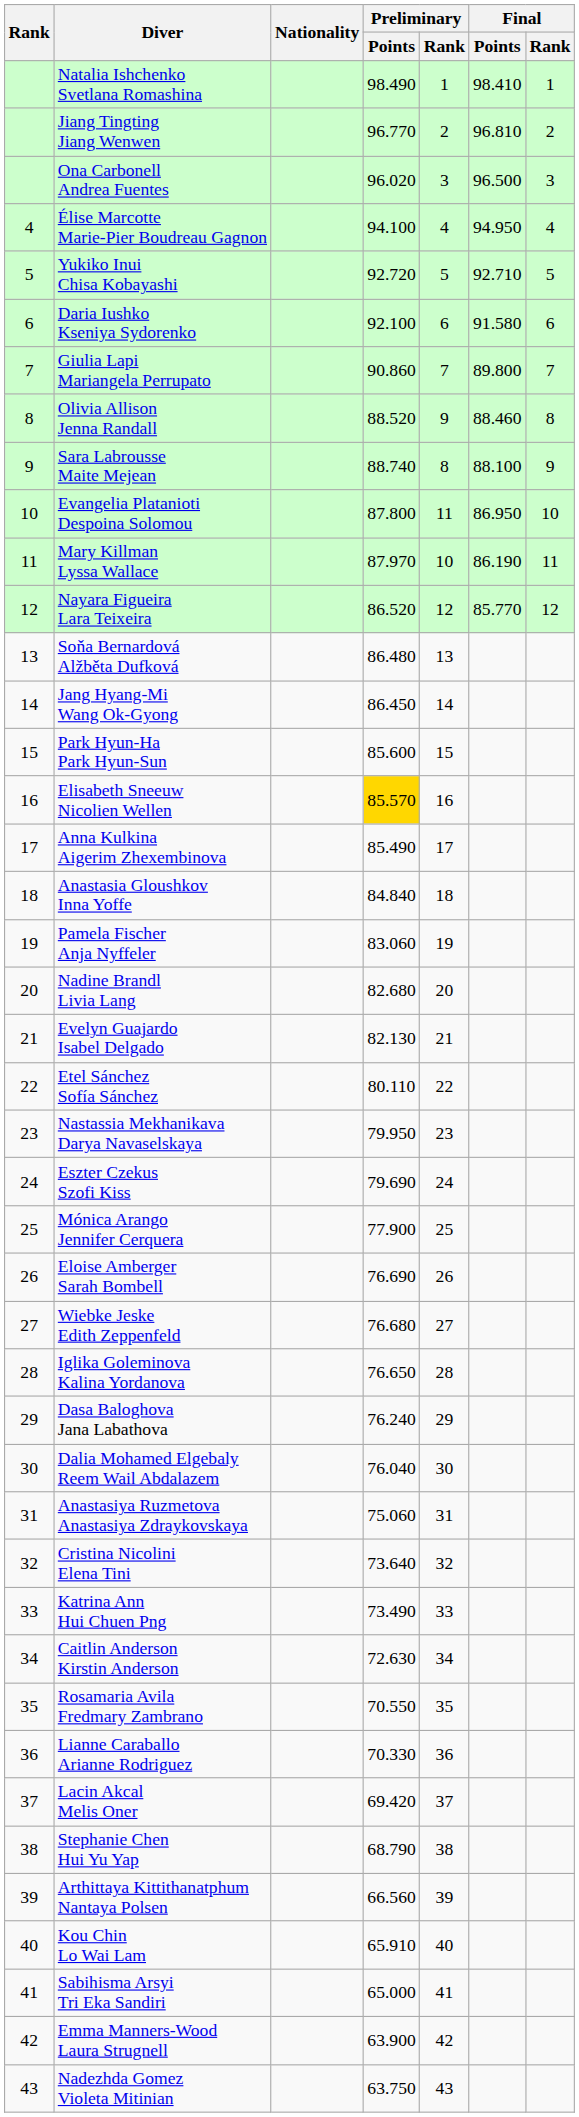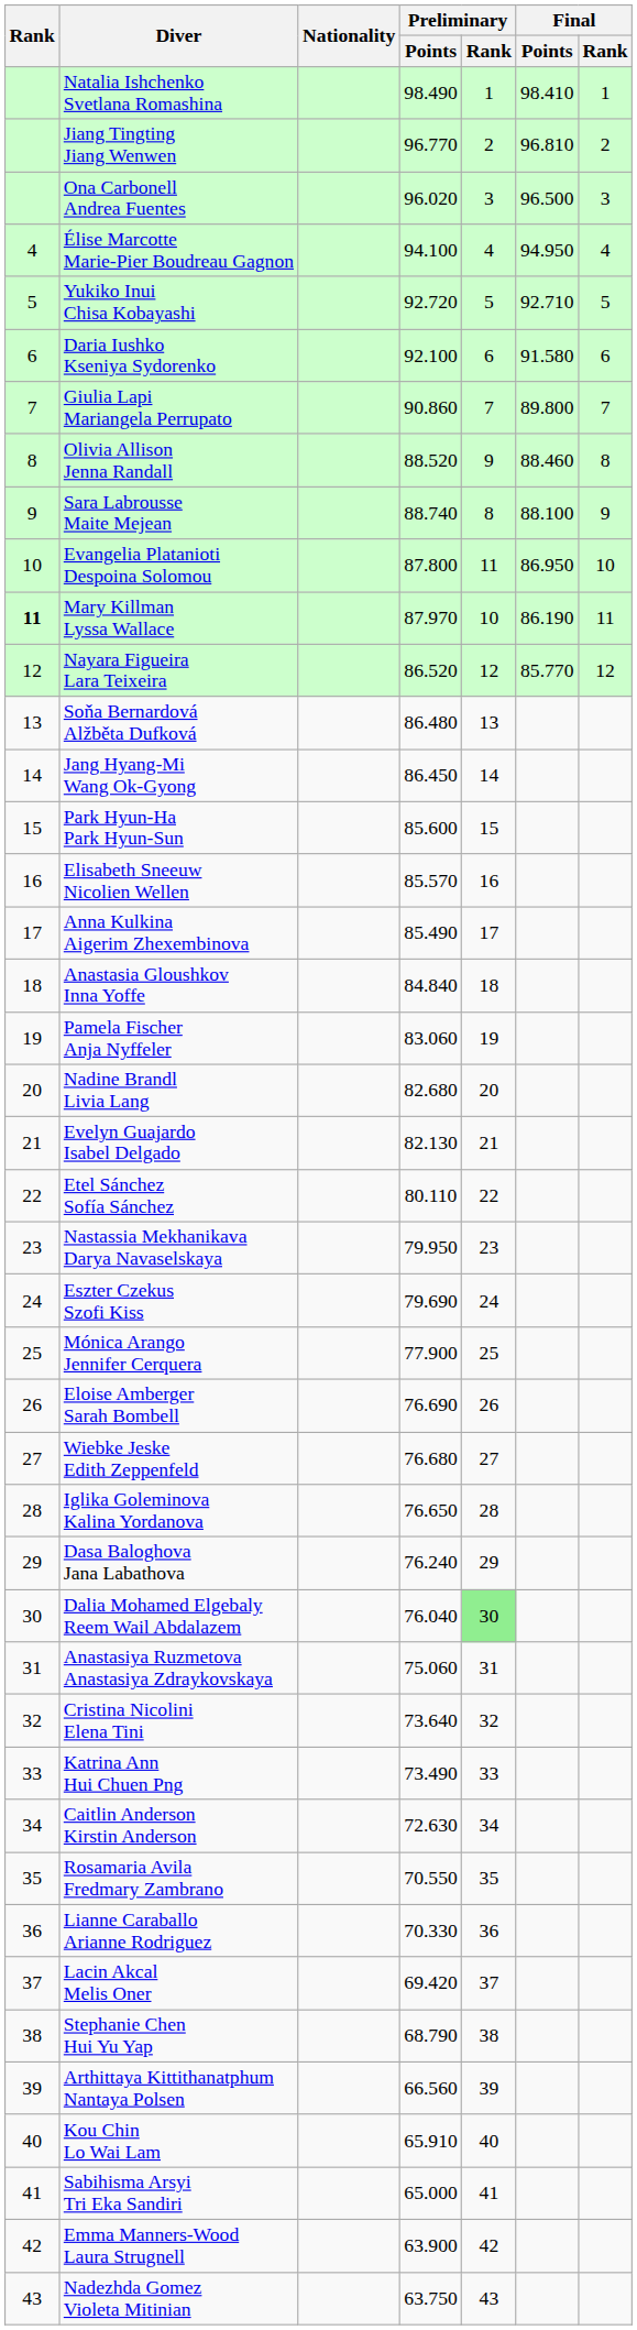 <table class="wikitable" style="text-align:center">
 <tr>
 <th rowspan="2">Rank</th>
 <th rowspan="2">Diver</th>
 <th rowspan="2">Nationality</th>
 <th colspan="2">Preliminary</th>
 <th colspan="2">Final</th>
 </tr>
 <tr>
 <th>Points</th>
 <th>Rank</th>
 <th>Points</th>
 <th>Rank</th>
 </tr>
 <tr bgcolor=ccffcc>
 <td></td>
 <td align=left><a href='#'>Natalia Ishchenko</a><br><a href='#'>Svetlana Romashina</a></td>
 <td align=left></td>
 <td>98.490</td>
 <td>1</td>
 <td>98.410</td>
 <td>1</td>
 </tr>
 <tr bgcolor=ccffcc>
 <td></td>
 <td align=left><a href='#'>Jiang Tingting</a><br><a href='#'>Jiang Wenwen</a></td>
 <td align=left></td>
 <td>96.770</td>
 <td>2</td>
 <td>96.810</td>
 <td>2</td>
 </tr>
 <tr bgcolor=ccffcc>
 <td></td>
 <td align=left><a href='#'>Ona Carbonell</a><br><a href='#'>Andrea Fuentes</a></td>
 <td align=left></td>
 <td>96.020</td>
 <td>3</td>
 <td>96.500</td>
 <td>3</td>
 </tr>
 <tr bgcolor=ccffcc>
 <td>4</td>
 <td align=left><a href='#'>Élise Marcotte</a><br><a href='#'>Marie-Pier Boudreau Gagnon</a></td>
 <td align=left></td>
 <td>94.100</td>
 <td>4</td>
 <td>94.950</td>
 <td>4</td>
 </tr>
 <tr bgcolor=ccffcc>
 <td>5</td>
 <td align=left><a href='#'>Yukiko Inui</a><br><a href='#'>Chisa Kobayashi</a></td>
 <td align=left></td>
 <td>92.720</td>
 <td>5</td>
 <td>92.710</td>
 <td>5</td>
 </tr>
 <tr bgcolor=ccffcc>
 <td>6</td>
 <td align=left><a href='#'>Daria Iushko</a><br><a href='#'>Kseniya Sydorenko</a></td>
 <td align=left></td>
 <td>92.100</td>
 <td>6</td>
 <td>91.580</td>
 <td>6</td>
 </tr>
 <tr bgcolor=ccffcc>
 <td>7</td>
 <td align=left><a href='#'>Giulia Lapi</a><br><a href='#'>Mariangela Perrupato</a></td>
 <td align=left></td>
 <td>90.860</td>
 <td>7</td>
 <td>89.800</td>
 <td>7</td>
 </tr>
 <tr bgcolor=ccffcc>
 <td>8</td>
 <td align=left><a href='#'>Olivia Allison</a><br><a href='#'>Jenna Randall</a></td>
 <td align=left></td>
 <td>88.520</td>
 <td>9</td>
 <td>88.460</td>
 <td>8</td>
 </tr>
 <tr bgcolor=ccffcc>
 <td>9</td>
 <td align=left><a href='#'>Sara Labrousse</a><br><a href='#'>Maite Mejean</a></td>
 <td align=left></td>
 <td>88.740</td>
 <td>8</td>
 <td>88.100</td>
 <td>9</td>
 </tr>
 <tr bgcolor=ccffcc>
 <td>10</td>
 <td align=left><a href='#'>Evangelia Platanioti</a><br><a href='#'>Despoina Solomou</a></td>
 <td align=left></td>
 <td>87.800</td>
 <td>11</td>
 <td>86.950</td>
 <td>10</td>
 </tr>
 <tr bgcolor=ccffcc>
-<td>11</td>
+<td><strong>11</strong></td>
 <td align=left><a href='#'>Mary Killman</a><br><a href='#'>Lyssa Wallace</a></td>
 <td align=left></td>
 <td>87.970</td>
 <td>10</td>
 <td>86.190</td>
 <td>11</td>
 </tr>
 <tr bgcolor=ccffcc>
 <td>12</td>
 <td align=left><a href='#'>Nayara Figueira</a><br><a href='#'>Lara Teixeira</a></td>
 <td align=left></td>
 <td>86.520</td>
 <td>12</td>
 <td>85.770</td>
 <td>12</td>
 </tr>
 <tr>
 <td>13</td>
 <td align=left><a href='#'>Soňa Bernardová</a><br><a href='#'>Alžběta Dufková</a></td>
 <td align=left></td>
 <td>86.480</td>
 <td>13</td>
 <td></td>
 <td></td>
 </tr>
 <tr>
 <td>14</td>
 <td align=left><a href='#'>Jang Hyang-Mi</a><br><a href='#'>Wang Ok-Gyong</a></td>
 <td align=left></td>
 <td>86.450</td>
 <td>14</td>
 <td></td>
 <td></td>
 </tr>
 <tr>
 <td>15</td>
 <td align=left><a href='#'>Park Hyun-Ha</a><br><a href='#'>Park Hyun-Sun</a></td>
 <td align=left></td>
 <td>85.600</td>
 <td>15</td>
 <td></td>
 <td></td>
 </tr>
 <tr>
 <td>16</td>
 <td align=left><a href='#'>Elisabeth Sneeuw</a><br><a href='#'>Nicolien Wellen</a></td>
 <td align=left></td>
-<td style="background: gold;">85.570</td>
+<td>85.570</td>
 <td>16</td>
 <td></td>
 <td></td>
 </tr>
 <tr>
 <td>17</td>
 <td align=left><a href='#'>Anna Kulkina</a><br><a href='#'>Aigerim Zhexembinova</a></td>
 <td align=left></td>
 <td>85.490</td>
 <td>17</td>
 <td></td>
 <td></td>
 </tr>
 <tr>
 <td>18</td>
 <td align=left><a href='#'>Anastasia Gloushkov</a><br><a href='#'>Inna Yoffe</a></td>
 <td align=left></td>
 <td>84.840</td>
 <td>18</td>
 <td></td>
 <td></td>
 </tr>
 <tr>
 <td>19</td>
 <td align=left><a href='#'>Pamela Fischer</a><br><a href='#'>Anja Nyffeler</a></td>
 <td align=left></td>
 <td>83.060</td>
 <td>19</td>
 <td></td>
 <td></td>
 </tr>
 <tr>
 <td>20</td>
 <td align=left><a href='#'>Nadine Brandl</a><br><a href='#'>Livia Lang</a></td>
 <td align=left></td>
 <td>82.680</td>
 <td>20</td>
 <td></td>
 <td></td>
 </tr>
 <tr>
 <td>21</td>
 <td align=left><a href='#'>Evelyn Guajardo</a><br><a href='#'>Isabel Delgado</a></td>
 <td align=left></td>
 <td>82.130</td>
 <td>21</td>
 <td></td>
 <td></td>
 </tr>
 <tr>
 <td>22</td>
 <td align=left><a href='#'>Etel Sánchez</a><br><a href='#'>Sofía Sánchez</a></td>
 <td align=left></td>
 <td>80.110</td>
 <td>22</td>
 <td></td>
 <td></td>
 </tr>
 <tr>
 <td>23</td>
 <td align=left><a href='#'>Nastassia Mekhanikava</a><br><a href='#'>Darya Navaselskaya</a></td>
 <td align=left></td>
 <td>79.950</td>
 <td>23</td>
 <td></td>
 <td></td>
 </tr>
 <tr>
 <td>24</td>
 <td align=left><a href='#'>Eszter Czekus</a><br><a href='#'>Szofi Kiss</a></td>
 <td align=left></td>
 <td>79.690</td>
 <td>24</td>
 <td></td>
 <td></td>
 </tr>
 <tr>
 <td>25</td>
 <td align=left><a href='#'>Mónica Arango</a><br><a href='#'>Jennifer Cerquera</a></td>
 <td align=left></td>
 <td>77.900</td>
 <td>25</td>
 <td></td>
 <td></td>
 </tr>
 <tr>
 <td>26</td>
 <td align=left><a href='#'>Eloise Amberger</a><br><a href='#'>Sarah Bombell</a></td>
 <td align=left></td>
 <td>76.690</td>
 <td>26</td>
 <td></td>
 <td></td>
 </tr>
 <tr>
 <td>27</td>
 <td align=left><a href='#'>Wiebke Jeske</a><br><a href='#'>Edith Zeppenfeld</a></td>
 <td align=left></td>
 <td>76.680</td>
 <td>27</td>
 <td></td>
 <td></td>
 </tr>
 <tr>
 <td>28</td>
 <td align=left><a href='#'>Iglika Goleminova</a><br><a href='#'>Kalina Yordanova</a></td>
 <td align=left></td>
 <td>76.650</td>
 <td>28</td>
 <td></td>
 <td></td>
 </tr>
 <tr>
 <td>29</td>
 <td align=left><a href='#'>Dasa Baloghova</a><br>Jana Labathova</td>
 <td align=left></td>
 <td>76.240</td>
 <td>29</td>
 <td></td>
 <td></td>
 </tr>
 <tr>
 <td>30</td>
 <td align=left><a href='#'>Dalia Mohamed Elgebaly</a><br><a href='#'>Reem Wail Abdalazem</a></td>
 <td align=left></td>
 <td>76.040</td>
-<td>30</td>
+<td style="background: lightgreen;">30</td>
 <td></td>
 <td></td>
 </tr>
 <tr>
 <td>31</td>
 <td align=left><a href='#'>Anastasiya Ruzmetova</a><br><a href='#'>Anastasiya Zdraykovskaya</a></td>
 <td align=left></td>
 <td>75.060</td>
 <td>31</td>
 <td></td>
 <td></td>
 </tr>
 <tr>
 <td>32</td>
 <td align=left><a href='#'>Cristina Nicolini</a><br><a href='#'>Elena Tini</a></td>
 <td align=left></td>
 <td>73.640</td>
 <td>32</td>
 <td></td>
 <td></td>
 </tr>
 <tr>
 <td>33</td>
 <td align=left><a href='#'>Katrina Ann</a><br><a href='#'>Hui Chuen Png</a></td>
 <td align=left></td>
 <td>73.490</td>
 <td>33</td>
 <td></td>
 <td></td>
 </tr>
 <tr>
 <td>34</td>
 <td align=left><a href='#'>Caitlin Anderson</a><br><a href='#'>Kirstin Anderson</a></td>
 <td align=left></td>
 <td>72.630</td>
 <td>34</td>
 <td></td>
 <td></td>
 </tr>
 <tr>
 <td>35</td>
 <td align=left><a href='#'>Rosamaria Avila</a><br><a href='#'>Fredmary Zambrano</a></td>
 <td align=left></td>
 <td>70.550</td>
 <td>35</td>
 <td></td>
 <td></td>
 </tr>
 <tr>
 <td>36</td>
 <td align=left><a href='#'>Lianne Caraballo</a><br><a href='#'>Arianne Rodriguez</a></td>
 <td align=left></td>
 <td>70.330</td>
 <td>36</td>
 <td></td>
 <td></td>
 </tr>
 <tr>
 <td>37</td>
 <td align=left><a href='#'>Lacin Akcal</a><br><a href='#'>Melis Oner</a></td>
 <td align=left></td>
 <td>69.420</td>
 <td>37</td>
 <td></td>
 <td></td>
 </tr>
 <tr>
 <td>38</td>
 <td align=left><a href='#'>Stephanie Chen</a><br><a href='#'>Hui Yu Yap</a></td>
 <td align=left></td>
 <td>68.790</td>
 <td>38</td>
 <td></td>
 <td></td>
 </tr>
 <tr>
 <td>39</td>
 <td align=left><a href='#'>Arthittaya Kittithanatphum</a><br><a href='#'>Nantaya Polsen</a></td>
 <td align=left></td>
 <td>66.560</td>
 <td>39</td>
 <td></td>
 <td></td>
 </tr>
 <tr>
 <td>40</td>
 <td align=left><a href='#'>Kou Chin</a><br><a href='#'>Lo Wai Lam</a></td>
 <td align=left></td>
 <td>65.910</td>
 <td>40</td>
 <td></td>
 <td></td>
 </tr>
 <tr>
 <td>41</td>
 <td align=left><a href='#'>Sabihisma Arsyi</a><br><a href='#'>Tri Eka Sandiri</a></td>
 <td align=left></td>
 <td>65.000</td>
 <td>41</td>
 <td></td>
 <td></td>
 </tr>
 <tr>
 <td>42</td>
 <td align=left><a href='#'>Emma Manners-Wood</a><br><a href='#'>Laura Strugnell</a></td>
 <td align=left></td>
 <td>63.900</td>
 <td>42</td>
 <td></td>
 <td></td>
 </tr>
 <tr>
 <td>43</td>
 <td align=left><a href='#'>Nadezhda Gomez</a><br><a href='#'>Violeta Mitinian</a></td>
 <td align=left></td>
 <td>63.750</td>
 <td>43</td>
 <td></td>
 <td></td>
 </tr>
 </table>
